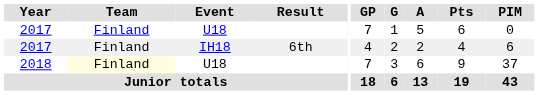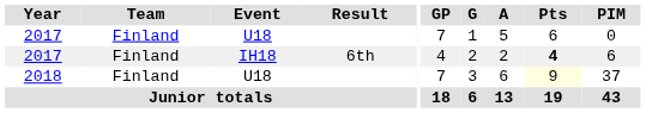 <table border="0" cellpadding="1" cellspacing="0" ID="Table3" style="text-align:center; width:40em">
 <tr ALIGN="center" bgcolor="#e0e0e0">
 <th>Year</th>
 <th>Team</th>
 <th>Event</th>
 <th>Result</th>
 <th rowspan="100" bgcolor="#ffffff"></th>
 <th>GP</th>
 <th>G</th>
 <th>A</th>
 <th>Pts</th>
 <th>PIM</th>
 </tr>
 <tr>
 <td><a href='#'>2017</a></td>
 <td><a href='#'>Finland</a></td>
 <td><a href='#'>U18</a></td>
 <td></td>
 <td>7</td>
 <td>1</td>
 <td>5</td>
 <td>6</td>
 <td>0</td>
 </tr>
 <tr bgcolor="#f0f0f0">
 <td><a href='#'>2017</a></td>
 <td>Finland</td>
 <td><a href='#'>IH18</a></td>
 <td>6th</td>
 <td>4</td>
 <td>2</td>
 <td>2</td>
-<td>4</td>
+<td><strong>4</strong></td>
 <td>6</td>
 </tr>
 <tr>
 <td><a href='#'>2018</a></td>
-<td style="background: lightyellow;">Finland</td>
+<td>Finland</td>
 <td>U18</td>
 <td></td>
 <td>7</td>
 <td>3</td>
 <td>6</td>
-<td>9</td>
+<td style="background: lightyellow;">9</td>
 <td>37</td>
 </tr>
 <tr bgcolor="#e0e0e0">
 <th colspan="4">Junior totals</th>
 <th>18</th>
 <th>6</th>
 <th>13</th>
 <th>19</th>
 <th>43</th>
 </tr>
 </table>
